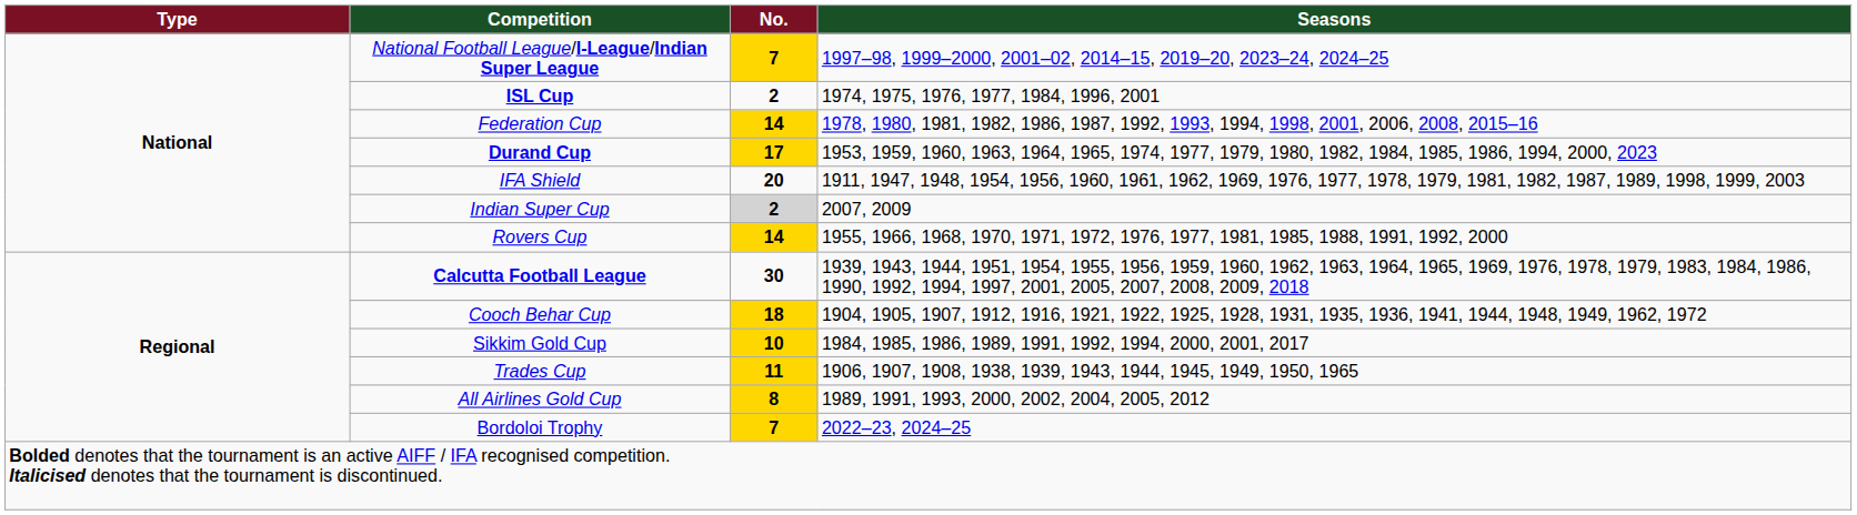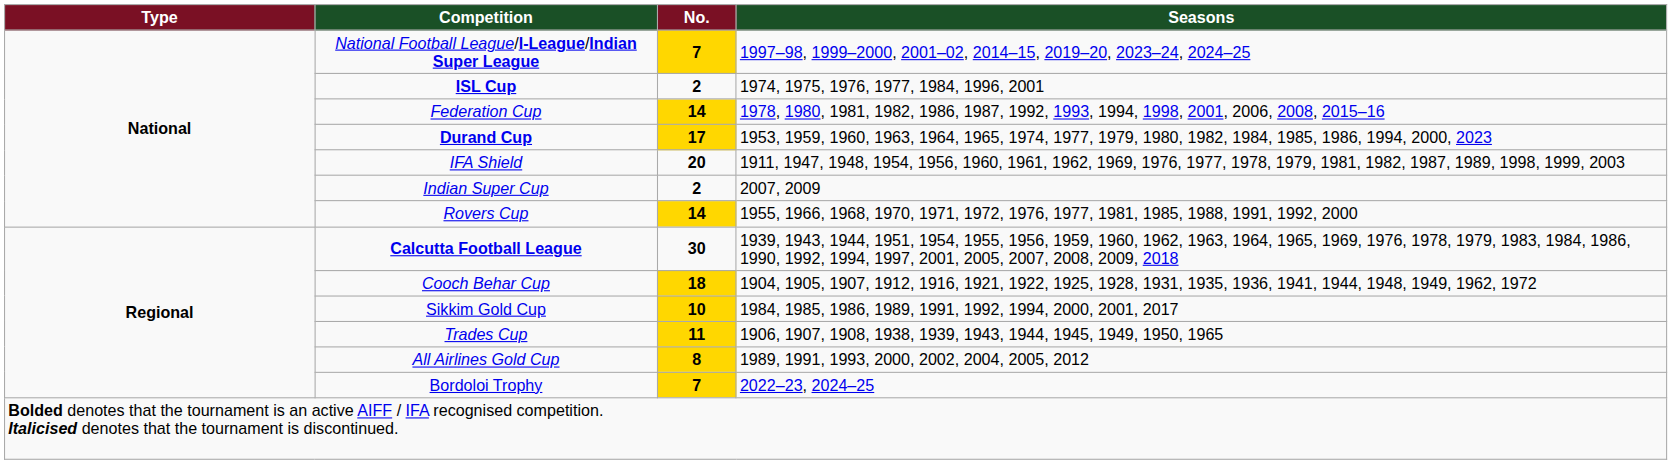 <table class="wikitable plainrowheaders" style="font-size:95%; text-align:center;">
 <tr>
 <th style="width: 5%;background:#7A1024; color:white; text-align:center;">Type</th>
 <th style="width: 5%;background:#1A5026; color:white; text-align:center;">Competition</th>
 <th style="width: 1%;background:#7A1024; color:white; text-align:center;">No.</th>
 <th style="width: 15%;background:#1A5026; color:white; text-align:center;">Seasons</th>
 </tr>
 <tr>
 <td rowspan="7"><strong>National</strong></td>
 <td><em><a href='#'>National Football League</a></em>/<strong><a href='#'>I-League</a></strong>/<strong><a href='#'>Indian Super League</a></strong></td>
 <td bgcolor="gold"><strong>7</strong></td>
 <td style="text-align:left;"><a href='#'>1997–98</a>, <a href='#'>1999–2000</a>, <a href='#'>2001–02</a>, <a href='#'>2014–15</a>, <a href='#'>2019–20</a>, <a href='#'>2023–24</a>, <a href='#'>2024–25</a></td>
 </tr>
 <tr>
 <td><strong><a href='#'>ISL Cup</a></strong></td>
 <td><strong>2</strong></td>
 <td style="text-align:left;">1974, 1975, 1976, 1977, 1984, 1996, 2001</td>
 </tr>
 <tr>
 <td><em><a href='#'>Federation Cup</a></em></td>
 <td bgcolor="gold"><strong>14</strong></td>
 <td style="text-align:left;"><a href='#'>1978</a>, <a href='#'>1980</a>, 1981, 1982, 1986, 1987, 1992, <a href='#'>1993</a>, 1994, <a href='#'>1998</a>, <a href='#'>2001</a>, 2006, <a href='#'>2008</a>, <a href='#'>2015–16</a></td>
 </tr>
 <tr>
 <td><strong><a href='#'>Durand Cup</a></strong></td>
 <td bgcolor="gold"><strong>17</strong></td>
 <td style="text-align:left;">1953, 1959, 1960, 1963, 1964, 1965, 1974, 1977, 1979, 1980, 1982, 1984, 1985, 1986, 1994, 2000, <a href='#'>2023</a></td>
 </tr>
 <tr>
 <td><em><a href='#'>IFA Shield</a></em></td>
 <td><strong>20</strong></td>
 <td style="text-align:left;">1911, 1947, 1948, 1954, 1956, 1960, 1961, 1962, 1969, 1976, 1977, 1978, 1979, 1981, 1982, 1987, 1989, 1998, 1999, 2003</td>
 </tr>
 <tr>
 <td><em><a href='#'>Indian Super Cup</a></em></td>
-<td style="background: lightgrey;"><strong>2</strong></td>
+<td><strong>2</strong></td>
 <td style="text-align:left;">2007, 2009</td>
 </tr>
 <tr>
 <td><em><a href='#'>Rovers Cup</a></em></td>
 <td bgcolor="gold"><strong>14</strong></td>
 <td style="text-align:left;">1955, 1966, 1968, 1970, 1971, 1972, 1976, 1977, 1981, 1985, 1988, 1991, 1992, 2000</td>
 </tr>
 <tr>
 <td rowspan="6"><strong>Regional</strong></td>
 <td><strong><a href='#'>Calcutta Football League</a></strong></td>
 <td><strong>30</strong></td>
 <td style="text-align:left;">1939, 1943, 1944, 1951, 1954, 1955, 1956, 1959, 1960, 1962, 1963, 1964, 1965, 1969, 1976, 1978, 1979, 1983, 1984, 1986, 1990, 1992, 1994, 1997, 2001, 2005, 2007, 2008, 2009, <a href='#'>2018</a></td>
 </tr>
 <tr>
 <td><em><a href='#'>Cooch Behar Cup</a></em></td>
 <td bgcolor="gold"><strong>18</strong></td>
 <td style="text-align:left;">1904, 1905, 1907, 1912, 1916, 1921, 1922, 1925, 1928, 1931, 1935, 1936, 1941, 1944, 1948, 1949, 1962, 1972</td>
 </tr>
 <tr>
 <td><a href='#'>Sikkim Gold Cup</a></td>
 <td bgcolor="gold"><strong>10</strong></td>
 <td style="text-align:left;">1984, 1985, 1986, 1989, 1991, 1992, 1994, 2000, 2001, 2017</td>
 </tr>
 <tr>
 <td><em><a href='#'>Trades Cup</a></em></td>
 <td bgcolor="gold"><strong>11</strong></td>
 <td style="text-align:left;">1906, 1907, 1908, 1938, 1939, 1943, 1944, 1945, 1949, 1950, 1965</td>
 </tr>
 <tr>
 <td><em><a href='#'>All Airlines Gold Cup</a></em></td>
 <td bgcolor="gold"><strong>8</strong></td>
 <td style="text-align:left;">1989, 1991, 1993, 2000, 2002, 2004, 2005, 2012</td>
 </tr>
 <tr>
 <td><a href='#'>Bordoloi Trophy</a></td>
 <td bgcolor="gold"><strong>7</strong></td>
 <td style="text-align:left;"><a href='#'>2022–23</a>, <a href='#'>2024–25</a></td>
 </tr>
 <tr>
 <td colspan="4" style="text-align:left;"><strong>Bolded</strong> denotes that the tournament is an active <a href='#'>AIFF</a> / <a href='#'>IFA</a> recognised competition.<br><strong><em>Italicised</em></strong> denotes that the tournament is discontinued.<br><br> </td>
 </tr>
 </table>
